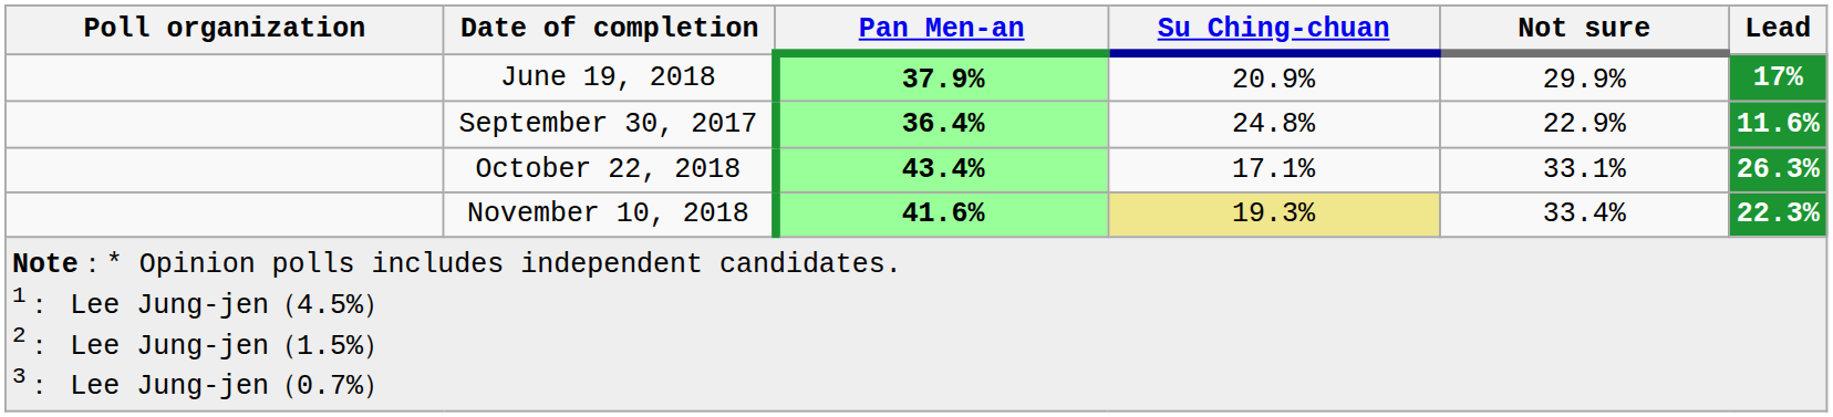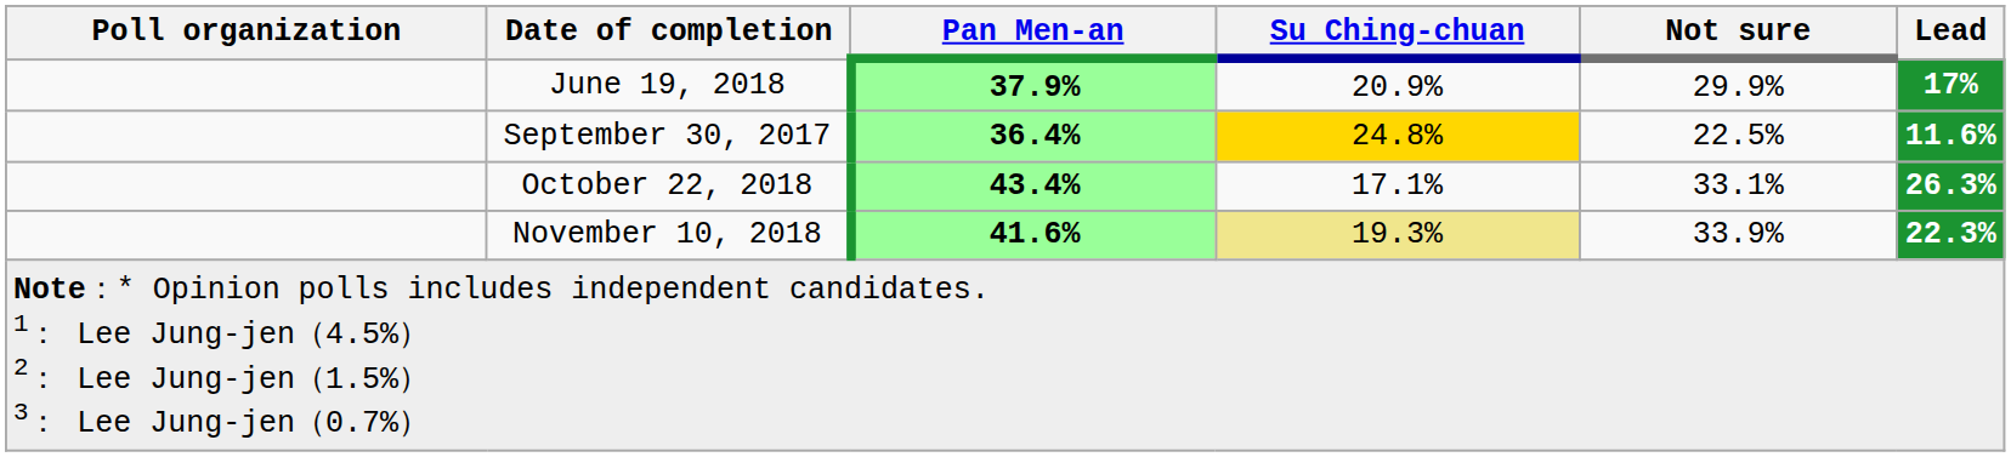 <table class="wikitable collapsible sortable" style="text-align:center">
 <tr>
 <th style="width:200px;">Poll organization</th>
 <th style="width:150px;">Date of completion</th>
 <th style="width:150px; border-bottom:4px solid #1B9431;"> <a href='#'>Pan Men-an</a></th>
 <th style="width:150px; border-bottom:4px solid #000099;"> <a href='#'>Su Ching-chuan</a></th>
 <th style="width:130px; border-bottom:4px solid #707070;"> Not sure</th>
 <th style="width:40px;">Lead</th>
 </tr>
 <tr>
 <td></td>
 <td>June 19, 2018</td>
 <td style="background-color:#99FF99; border-left:4px solid #1B9431;"><strong>37.9%</strong></td>
 <td>20.9%</td>
 <td>29.9%</td>
 <td style="background:#1B9431; color:white"><strong>17%</strong></td>
 </tr>
 <tr>
 <td></td>
 <td>September 30, 2017</td>
 <td style="background-color:#99FF99; border-left:4px solid #1B9431;"><strong>36.4%</strong></td>
-<td>24.8%</td>
-<td>22.9%</td>
+<td style="background: gold;">24.8%</td>
+<td>22.5%</td>
 <td style="background:#1B9431; color:white"><strong>11.6%</strong></td>
 </tr>
 <tr>
 <td> </td>
 <td>October 22, 2018</td>
 <td style="background-color:#99FF99; border-left:4px solid #1B9431;"><strong>43.4%</strong></td>
 <td>17.1%</td>
 <td>33.1%</td>
 <td style="background:#1B9431; color:white"><strong>26.3%</strong></td>
 </tr>
 <tr>
 <td> </td>
 <td>November 10, 2018</td>
 <td style="background-color:#99FF99; border-left:4px solid #1B9431;"><strong>41.6%</strong></td>
 <td style="background: khaki;">19.3%</td>
-<td>33.4%</td>
+<td>33.9%</td>
 <td style="background:#1B9431; color:white"><strong>22.3%</strong></td>
 </tr>
 <tr>
 <td colspan="7" style="background-color:#EEEEEE;" align=left><div><strong>Note</strong>：* Opinion polls includes independent candidates.<br><sup>1</sup>：  Lee Jung-jen（4.5%）<br> <sup>2</sup>：  Lee Jung-jen（1.5%）<br> <sup>3</sup>：  Lee Jung-jen（0.7%）<br> </div></td>
 </tr>
 </table>
